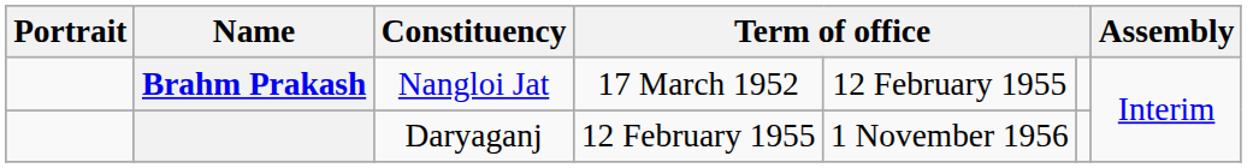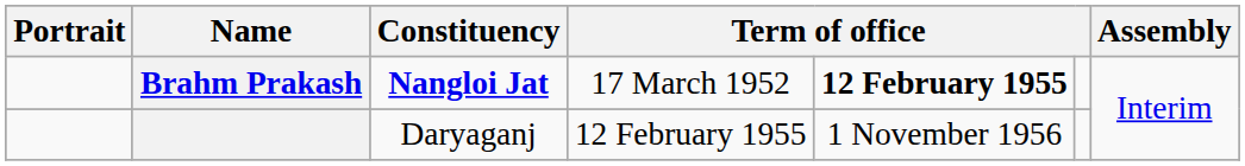 <table class="wikitable sortable" style="text-align:center">
 <tr>
 <th class="unsortable">Portrait</th>
 <th scope="col" class="sortable">Name</th>
 <th scope="col">Constituency</th>
 <th colspan="3" scope="colgroup">Term of office</th>
 <th scope="col">Assembly</th>
 </tr>
 <tr align="center">
 <td></td>
 <th scope="row"><a href='#'>Brahm Prakash</a></th>
-<td><a href='#'>Nangloi Jat</a></td>
+<td><strong><a href='#'>Nangloi Jat</a></strong></td>
 <td>17 March 1952</td>
-<td>12 February 1955</td>
+<td><strong>12 February 1955</strong></td>
 <td></td>
 <td rowspan="2"><a href='#'>Interim</a></td>
 </tr>
 <tr align="center">
 <td></td>
 <th scope="row"></th>
 <td>Daryaganj</td>
 <td>12 February 1955</td>
 <td>1 November 1956</td>
 <td></td>
 </tr>
 </table>
